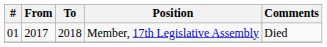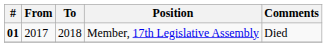 <table class="wikitable sortable">
 <tr>
 <th>#</th>
 <th>From</th>
 <th>To</th>
 <th>Position</th>
 <th>Comments</th>
 </tr>
 <tr>
-<td>01</td>
+<td><strong>01</strong></td>
 <td>2017</td>
 <td>2018</td>
 <td>Member, <a href='#'>17th Legislative Assembly</a></td>
 <td>Died</td>
 </tr>
 <tr>
 </tr>
 </table>
